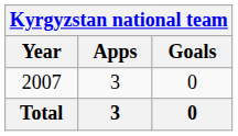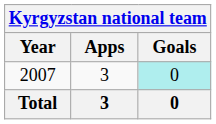 <table class="wikitable" style="text-align:center">
 <tr>
 <th colspan=3><a href='#'>Kyrgyzstan national team</a></th>
 </tr>
 <tr>
 <th>Year</th>
 <th>Apps</th>
 <th>Goals</th>
 </tr>
 <tr>
 <td>2007</td>
 <td>3</td>
-<td>0</td>
+<td style="background: paleturquoise;">0</td>
 </tr>
 <tr>
 <th>Total</th>
 <th>3</th>
 <th>0</th>
 </tr>
 </table>
